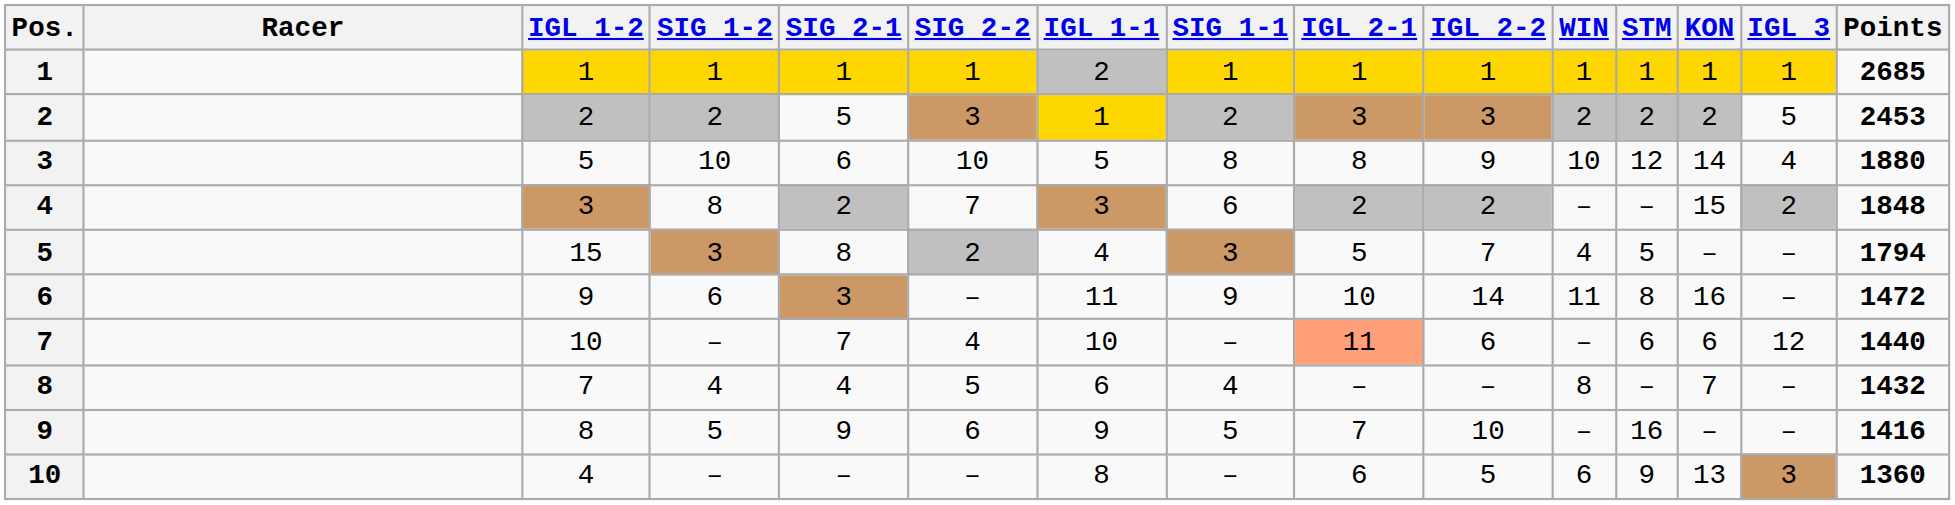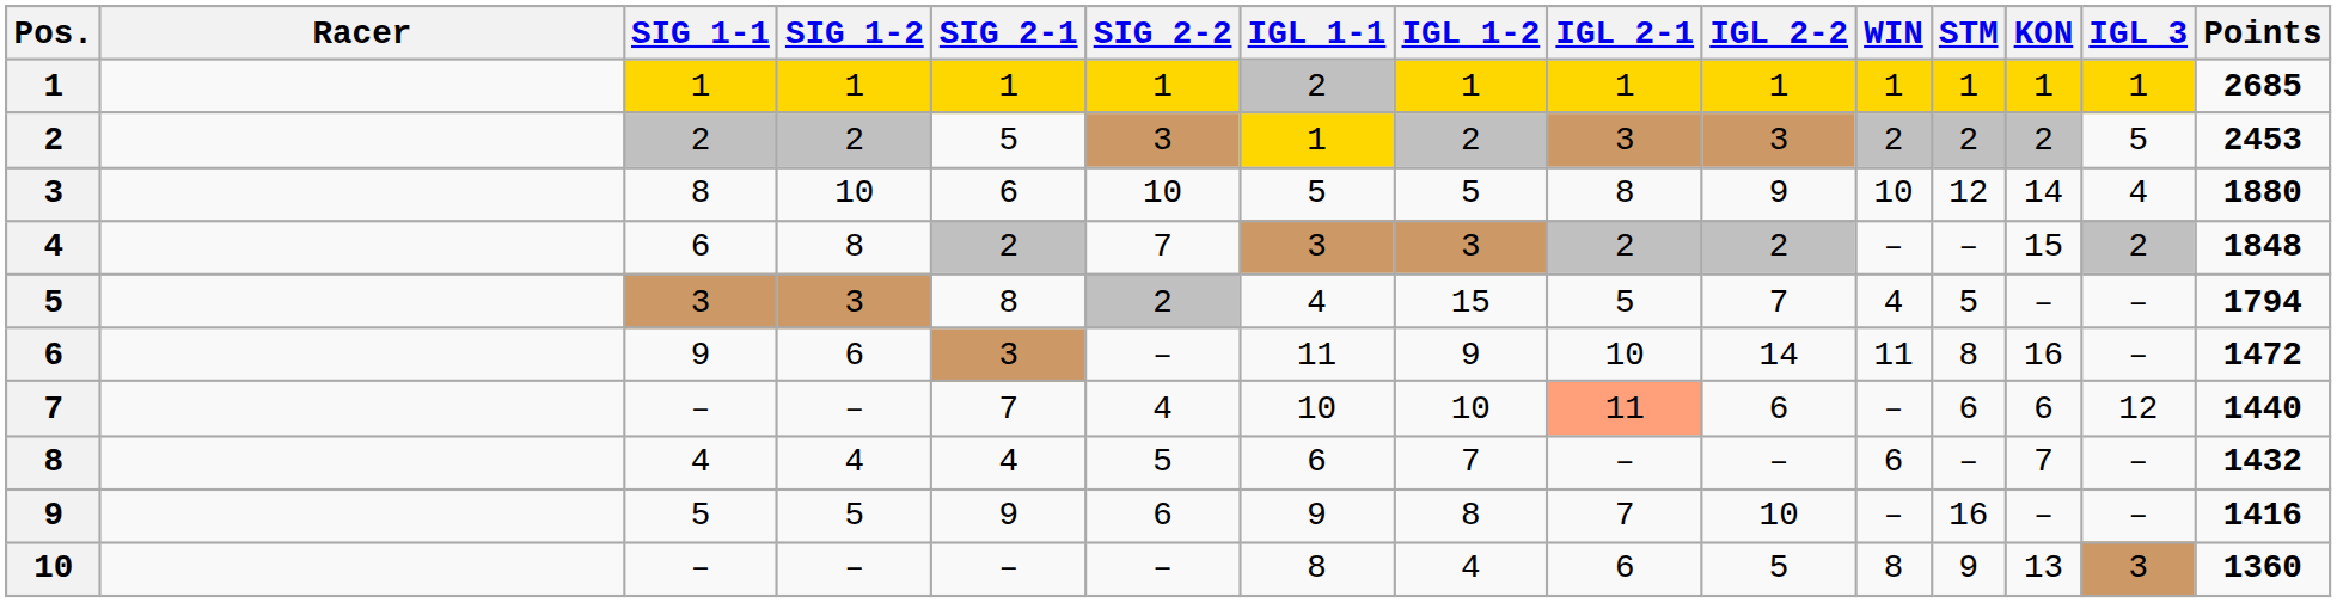 <table class="wikitable sortable plainrowheaders" style="text-align:center;">
 <tr>
 <th scope="col">Pos.</th>
 <th scope="col" style="width:200px;">Racer</th>
-<th><strong> <a href='#'>IGL 1-2</a></strong></th>
+<th scope="col"><strong> <a href='#'>SIG 1-1</a></strong></th>
 <th><strong> <a href='#'>SIG 1-2</a></strong></th>
 <th scope="col"><strong> <a href='#'>SIG 2-1</a></strong></th>
 <th><strong> <a href='#'>SIG 2-2</a></strong></th>
 <th scope="col"><strong> <a href='#'>IGL 1-1</a></strong></th>
-<th scope="col"><strong> <a href='#'>SIG 1-1</a></strong></th>
+<th><strong> <a href='#'>IGL 1-2</a></strong></th>
 <th scope="col"><strong> <a href='#'>IGL 2-1</a></strong></th>
 <th><strong> <a href='#'>IGL 2-2</a></strong></th>
 <th scope="col"><strong> <a href='#'>WIN</a></strong></th>
 <th scope="col"><strong> <a href='#'>STM</a></strong></th>
 <th scope="col"><strong> <a href='#'>KON</a></strong></th>
 <th scope="col"><strong> <a href='#'>IGL  3</a></strong></th>
 <th style="width:45px;">Points</th>
 </tr>
 <tr>
 <th style="text-align:center;">1</th>
 <td align="left"></td>
 <td style="background:gold;">1</td>
 <td style="background:gold;">1</td>
 <td style="background:gold;">1</td>
 <td style="background:gold;">1</td>
 <td style="background:silver;">2</td>
 <td style="background:gold;">1</td>
 <td style="background:gold;">1</td>
 <td style="background:gold;">1</td>
 <td style="background:gold;">1</td>
 <td style="background:gold;">1</td>
 <td style="background:gold;">1</td>
 <td style="background:gold;">1</td>
 <td><strong>2685</strong></td>
 </tr>
 <tr>
 <th style="text-align:center;">2</th>
 <td align="left"></td>
 <td style="background:silver;">2</td>
 <td style="background:silver;">2</td>
 <td>5</td>
 <td style="background:#c96;">3</td>
 <td style="background:gold;">1</td>
 <td style="background:silver;">2</td>
 <td style="background:#c96;">3</td>
 <td style="background:#c96;">3</td>
 <td style="background:silver;">2</td>
 <td style="background:silver;">2</td>
 <td style="background:silver;">2</td>
 <td>5</td>
 <td><strong>2453</strong></td>
 </tr>
 <tr>
 <th style="text-align:center;">3</th>
 <td align="left"></td>
-<td>5</td>
+<td>8</td>
 <td>10</td>
 <td>6</td>
 <td>10</td>
 <td>5</td>
-<td>8</td>
+<td>5</td>
 <td>8</td>
 <td>9</td>
 <td>10</td>
 <td>12</td>
 <td>14</td>
 <td>4</td>
 <td><strong>1880</strong></td>
 </tr>
 <tr>
 <th style="text-align:center;">4</th>
 <td align="left"></td>
-<td style="background:#c96;">3</td>
+<td>6</td>
 <td>8</td>
 <td style="background:silver;">2</td>
 <td>7</td>
 <td style="background:#c96;">3</td>
-<td>6</td>
+<td style="background:#c96;">3</td>
 <td style="background:silver;">2</td>
 <td style="background:silver;">2</td>
 <td>–</td>
 <td>–</td>
 <td>15</td>
 <td style="background:silver;">2</td>
 <td><strong>1848</strong></td>
 </tr>
 <tr>
 <th style="text-align:center;">5</th>
 <td align="left"></td>
-<td>15</td>
+<td style="background:#c96;">3</td>
 <td style="background:#c96;">3</td>
 <td>8</td>
 <td style="background:silver;">2</td>
 <td>4</td>
-<td style="background:#c96;">3</td>
+<td>15</td>
 <td>5</td>
 <td>7</td>
 <td>4</td>
 <td>5</td>
 <td>–</td>
 <td>–</td>
 <td><strong>1794</strong></td>
 </tr>
 <tr>
 <th style="text-align:center;">6</th>
 <td align="left"></td>
 <td>9</td>
 <td>6</td>
 <td style="background:#c96;">3</td>
 <td>–</td>
 <td>11</td>
 <td>9</td>
 <td>10</td>
 <td>14</td>
 <td>11</td>
 <td>8</td>
 <td>16</td>
 <td>–</td>
 <td><strong>1472</strong></td>
 </tr>
 <tr>
 <th style="text-align:center;">7</th>
 <td align="left"></td>
-<td>10</td>
+<td>–</td>
 <td>–</td>
 <td>7</td>
 <td>4</td>
 <td>10</td>
-<td>–</td>
+<td>10</td>
 <td style="background: lightsalmon;">11</td>
 <td>6</td>
 <td>–</td>
 <td>6</td>
 <td>6</td>
 <td>12</td>
 <td><strong>1440</strong></td>
 </tr>
 <tr>
 <th style="text-align:center;">8</th>
 <td align="left"></td>
-<td>7</td>
+<td>4</td>
 <td>4</td>
 <td>4</td>
 <td>5</td>
 <td>6</td>
-<td>4</td>
+<td>7</td>
 <td>–</td>
 <td>–</td>
-<td>8</td>
+<td>6</td>
 <td>–</td>
 <td>7</td>
 <td>–</td>
 <td><strong>1432</strong></td>
 </tr>
 <tr>
 <th style="text-align:center;">9</th>
 <td align="left"></td>
-<td>8</td>
+<td>5</td>
 <td>5</td>
 <td>9</td>
 <td>6</td>
 <td>9</td>
-<td>5</td>
+<td>8</td>
 <td>7</td>
 <td>10</td>
 <td>–</td>
 <td>16</td>
 <td>–</td>
 <td>–</td>
 <td><strong>1416</strong></td>
 </tr>
 <tr>
 <th style="text-align:center;">10</th>
 <td align="left"></td>
-<td>4</td>
+<td>–</td>
 <td>–</td>
 <td>–</td>
 <td>–</td>
 <td>8</td>
-<td>–</td>
+<td>4</td>
 <td>6</td>
 <td>5</td>
-<td>6</td>
+<td>8</td>
 <td>9</td>
 <td>13</td>
 <td style="background:#c96;">3</td>
 <td><strong>1360</strong></td>
 </tr>
 </table>
